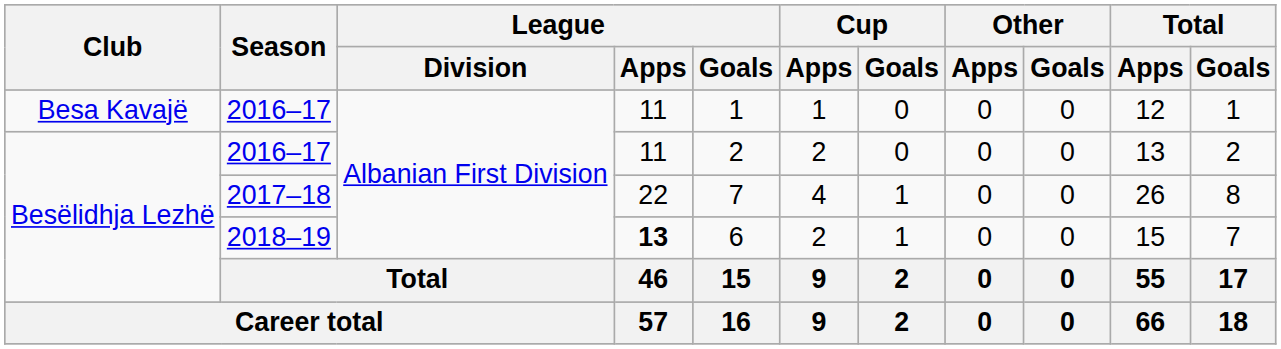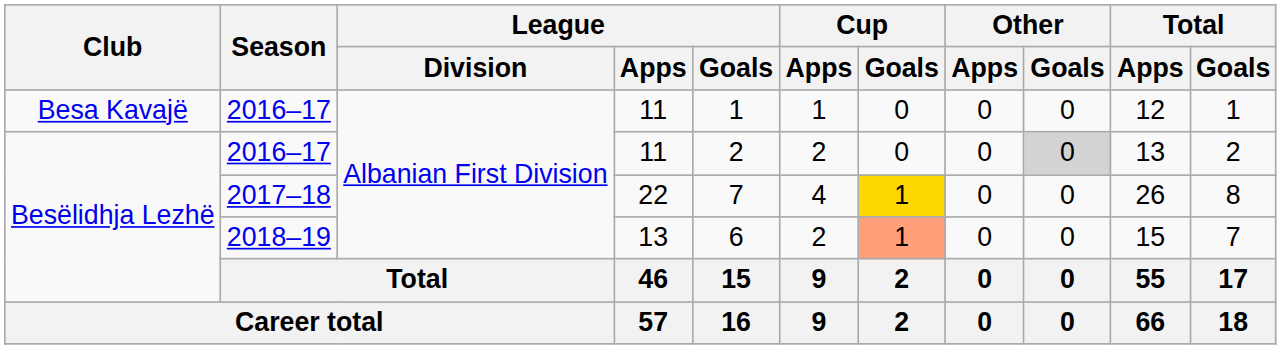 <table class="wikitable" style="text-align: center">
 <tr>
 <th rowspan="2">Club</th>
 <th rowspan="2">Season</th>
 <th colspan="3">League</th>
 <th colspan="2">Cup</th>
 <th colspan="2">Other</th>
 <th colspan="2">Total</th>
 </tr>
 <tr>
 <th>Division</th>
 <th>Apps</th>
 <th>Goals</th>
 <th>Apps</th>
 <th>Goals</th>
 <th>Apps</th>
 <th>Goals</th>
 <th>Apps</th>
 <th>Goals</th>
 </tr>
 <tr>
 <td><a href='#'>Besa Kavajë</a></td>
 <td><a href='#'>2016–17</a></td>
 <td rowspan="4"><a href='#'>Albanian First Division</a></td>
 <td>11</td>
 <td>1</td>
 <td>1</td>
 <td>0</td>
 <td>0</td>
 <td>0</td>
 <td>12</td>
 <td>1</td>
 </tr>
 <tr>
 <td rowspan="4"><a href='#'>Besëlidhja Lezhë</a></td>
 <td><a href='#'>2016–17</a></td>
 <td>11</td>
 <td>2</td>
 <td>2</td>
 <td>0</td>
 <td>0</td>
-<td>0</td>
+<td style="background: lightgrey;">0</td>
 <td>13</td>
 <td>2</td>
 </tr>
 <tr>
 <td><a href='#'>2017–18</a></td>
 <td>22</td>
 <td>7</td>
 <td>4</td>
-<td>1</td>
+<td style="background: gold;">1</td>
 <td>0</td>
 <td>0</td>
 <td>26</td>
 <td>8</td>
 </tr>
 <tr>
 <td><a href='#'>2018–19</a></td>
-<td><strong>13</strong></td>
+<td>13</td>
 <td>6</td>
 <td>2</td>
-<td>1</td>
+<td style="background: lightsalmon;">1</td>
 <td>0</td>
 <td>0</td>
 <td>15</td>
 <td>7</td>
 </tr>
 <tr>
 <th colspan="2"><strong>Total</strong></th>
 <th>46</th>
 <th>15</th>
 <th>9</th>
 <th>2</th>
 <th>0</th>
 <th>0</th>
 <th>55</th>
 <th>17</th>
 </tr>
 <tr>
 <th colspan="3"><strong>Career total</strong></th>
 <th>57</th>
 <th>16</th>
 <th>9</th>
 <th>2</th>
 <th>0</th>
 <th>0</th>
 <th>66</th>
 <th>18</th>
 </tr>
 </table>
